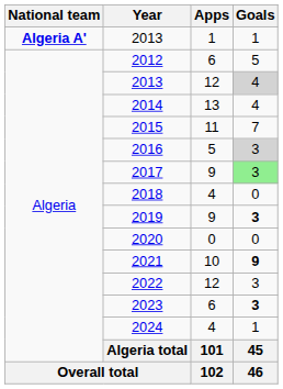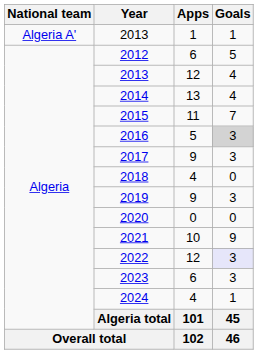 <table class="wikitable" style="text-align:center">
 <tr>
 <th>National team</th>
 <th>Year</th>
 <th>Apps</th>
 <th>Goals</th>
 </tr>
 <tr>
-<td><strong><a href='#'>Algeria A'</a></strong></td>
+<td><a href='#'>Algeria A'</a></td>
 <td>2013</td>
 <td>1</td>
 <td>1</td>
 </tr>
 <tr>
 <td rowspan="14"><a href='#'>Algeria</a></td>
 <td><a href='#'>2012</a></td>
 <td>6</td>
 <td>5</td>
 </tr>
 <tr>
 <td><a href='#'>2013</a></td>
 <td>12</td>
-<td style="background: lightgrey;">4</td>
+<td>4</td>
 </tr>
 <tr>
 <td><a href='#'>2014</a></td>
 <td>13</td>
 <td>4</td>
 </tr>
 <tr>
 <td><a href='#'>2015</a></td>
 <td>11</td>
 <td>7</td>
 </tr>
 <tr>
 <td><a href='#'>2016</a></td>
 <td>5</td>
 <td style="background: lightgrey;">3</td>
 </tr>
 <tr>
 <td><a href='#'>2017</a></td>
 <td>9</td>
-<td style="background: lightgreen;">3</td>
+<td>3</td>
 </tr>
 <tr>
 <td><a href='#'>2018</a></td>
 <td>4</td>
 <td>0</td>
 </tr>
 <tr>
 <td><a href='#'>2019</a></td>
 <td>9</td>
-<td><strong>3</strong></td>
+<td>3</td>
 </tr>
 <tr>
 <td><a href='#'>2020</a></td>
 <td>0</td>
 <td>0</td>
 </tr>
 <tr>
 <td><a href='#'>2021</a></td>
 <td>10</td>
-<td><strong>9</strong></td>
+<td>9</td>
 </tr>
 <tr>
 <td><a href='#'>2022</a></td>
 <td>12</td>
-<td>3</td>
+<td style="background: lavender;">3</td>
 </tr>
 <tr>
 <td><a href='#'>2023</a></td>
 <td>6</td>
-<td><strong>3</strong></td>
+<td>3</td>
 </tr>
 <tr>
 <td><a href='#'>2024</a></td>
 <td>4</td>
 <td>1</td>
 </tr>
 <tr>
 <th>Algeria total</th>
 <th>101</th>
 <th>45</th>
 </tr>
 <tr>
 <th colspan="2">Overall total</th>
 <th>102</th>
 <th>46</th>
 </tr>
 </table>
